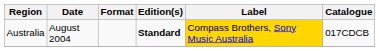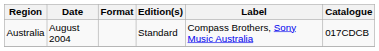 <table class="wikitable plainrowheaders">
 <tr>
 <th scope="col">Region</th>
 <th scope="col">Date</th>
 <th scope="col">Format</th>
 <th scope="col">Edition(s)</th>
 <th scope="col">Label</th>
 <th scope="col">Catalogue</th>
 </tr>
 <tr>
 <td>Australia</td>
 <td>August 2004</td>
 <td></td>
-<td><strong>Standard</strong></td>
-<td style="background: gold;">Compass Brothers, <a href='#'>Sony Music Australia</a></td>
+<td>Standard</td>
+<td>Compass Brothers, <a href='#'>Sony Music Australia</a></td>
 <td>017CDCB</td>
 </tr>
 <tr>
 </tr>
 </table>
